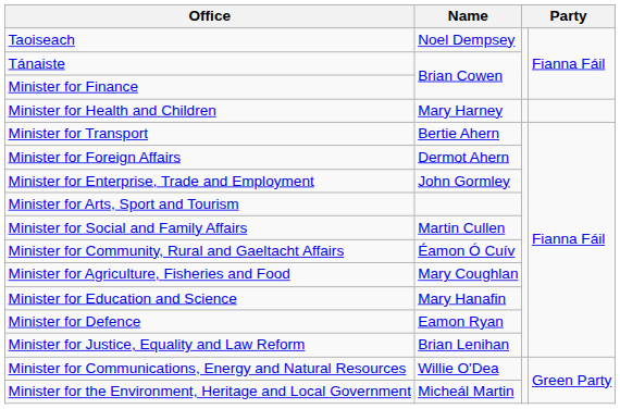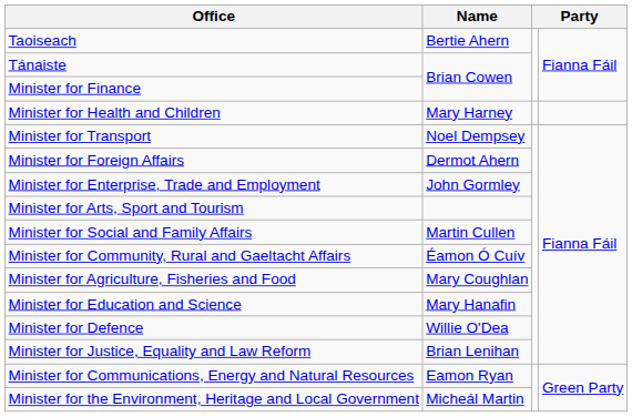 <table class="wikitable">
 <tr>
 <th>Office</th>
 <th>Name</th>
 <th colspan="2">Party</th>
 </tr>
 <tr>
 <td><a href='#'>Taoiseach</a></td>
-<td><a href='#'>Noel Dempsey</a></td>
+<td><a href='#'>Bertie Ahern</a></td>
 <td rowspan=3 style="background-color: "></td>
 <td rowspan=3><a href='#'>Fianna Fáil</a></td>
 </tr>
 <tr>
 <td><a href='#'>Tánaiste</a></td>
 <td rowspan=2><a href='#'>Brian Cowen</a></td>
 </tr>
 <tr>
 <td><a href='#'>Minister for Finance</a></td>
 </tr>
 <tr>
 <td><a href='#'>Minister for Health and Children</a></td>
 <td><a href='#'>Mary Harney</a></td>
 <td></td>
 </tr>
 <tr>
 <td><a href='#'>Minister for Transport</a></td>
-<td><a href='#'>Bertie Ahern</a></td>
+<td><a href='#'>Noel Dempsey</a></td>
 <td rowspan=10 style="background-color: "></td>
 <td rowspan=10><a href='#'>Fianna Fáil</a></td>
 </tr>
 <tr>
 <td><a href='#'>Minister for Foreign Affairs</a></td>
 <td><a href='#'>Dermot Ahern</a></td>
 </tr>
 <tr>
 <td><a href='#'>Minister for Enterprise, Trade and Employment</a></td>
 <td><a href='#'>John Gormley</a></td>
 </tr>
 <tr>
 <td><a href='#'>Minister for Arts, Sport and Tourism</a></td>
 <td></td>
 </tr>
 <tr>
 <td><a href='#'>Minister for Social and Family Affairs</a></td>
 <td><a href='#'>Martin Cullen</a></td>
 </tr>
 <tr>
 <td><a href='#'>Minister for Community, Rural and Gaeltacht Affairs</a></td>
 <td><a href='#'>Éamon Ó Cuív</a></td>
 </tr>
 <tr>
 <td><a href='#'>Minister for Agriculture, Fisheries and Food</a></td>
 <td><a href='#'>Mary Coughlan</a></td>
 </tr>
 <tr>
 <td><a href='#'>Minister for Education and Science</a></td>
 <td><a href='#'>Mary Hanafin</a></td>
 </tr>
 <tr>
 <td><a href='#'>Minister for Defence</a></td>
-<td><a href='#'>Eamon Ryan</a></td>
+<td><a href='#'>Willie O'Dea</a></td>
 </tr>
 <tr>
 <td><a href='#'>Minister for Justice, Equality and Law Reform</a></td>
 <td><a href='#'>Brian Lenihan</a></td>
 </tr>
 <tr>
 <td><a href='#'>Minister for Communications, Energy and Natural Resources</a></td>
-<td><a href='#'>Willie O'Dea</a></td>
+<td><a href='#'>Eamon Ryan</a></td>
 <td rowspan=2 style="background-color: "></td>
 <td rowspan=2><a href='#'>Green Party</a></td>
 </tr>
 <tr>
 <td><a href='#'>Minister for the Environment, Heritage and Local Government</a></td>
 <td><a href='#'>Micheál Martin</a></td>
 </tr>
 </table>
